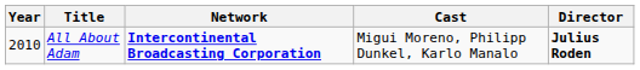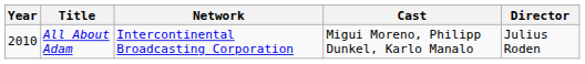 <table class="wikitable">
 <tr>
 <th>Year</th>
 <th>Title</th>
 <th>Network</th>
 <th>Cast</th>
 <th>Director</th>
 </tr>
 <tr>
 <td rowspan="7">2010</td>
 <td><em><a href='#'>All About Adam</a></em></td>
-<td><strong><a href='#'>Intercontinental Broadcasting Corporation</a></strong></td>
+<td><a href='#'>Intercontinental Broadcasting Corporation</a></td>
 <td>Migui Moreno, Philipp Dunkel, Karlo Manalo</td>
-<td><strong>Julius Roden</strong></td>
+<td>Julius Roden</td>
 </tr>
 </table>
